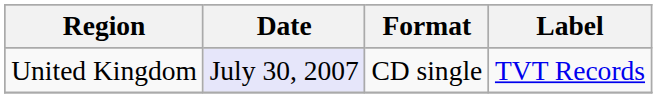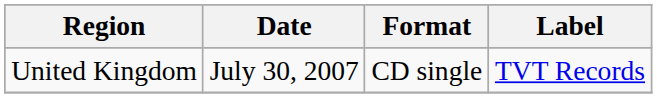 <table class="wikitable">
 <tr>
 <th>Region</th>
 <th>Date</th>
 <th>Format</th>
 <th>Label</th>
 </tr>
 <tr>
 <td>United Kingdom</td>
-<td style="background: lavender;">July 30, 2007</td>
+<td>July 30, 2007</td>
 <td>CD single</td>
 <td><a href='#'>TVT Records</a></td>
 </tr>
 <tr>
 </tr>
 </table>
